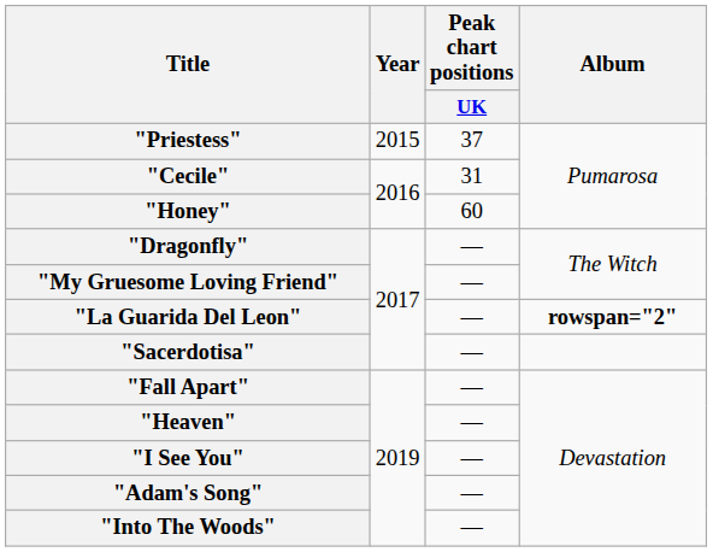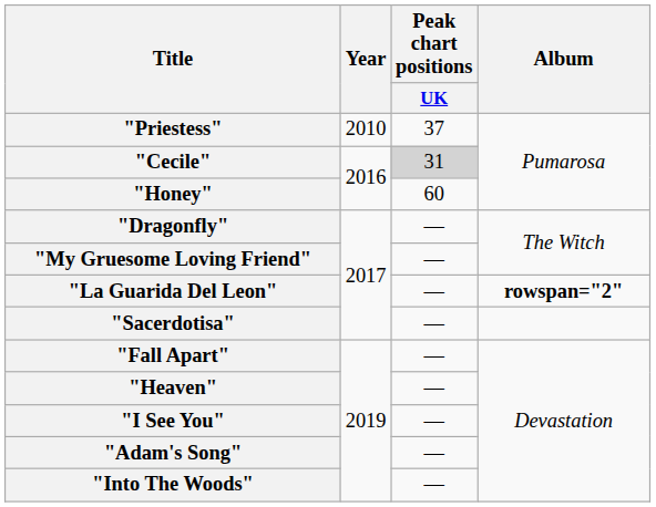 <table class="wikitable plainrowheaders" style="text-align:center;">
 <tr>
 <th scope="col" rowspan="2" style="width:16em;">Title</th>
 <th scope="col" rowspan="2">Year</th>
 <th scope="col" colspan="1">Peak chart positions</th>
 <th scope="col" rowspan="2" style="width:8em;">Album</th>
 </tr>
 <tr>
 <th scope="col" style="width:3em;font-size:90%;"><a href='#'>UK</a><br></th>
 </tr>
 <tr>
 <th scope="row">"Priestess"</th>
-<td>2015</td>
+<td>2010</td>
 <td>37</td>
 <td rowspan="3"><em>Pumarosa</em></td>
 </tr>
 <tr>
 <th scope="row">"Cecile"</th>
 <td rowspan="2">2016</td>
-<td>31</td>
+<td style="background: lightgrey;">31</td>
 </tr>
 <tr>
 <th scope="row">"Honey" </th>
 <td>60</td>
 </tr>
 <tr>
 <th scope="row">"Dragonfly" </th>
 <td rowspan="4">2017</td>
 <td>—</td>
 <td rowspan="2"><em>The Witch</em></td>
 </tr>
 <tr>
 <th scope="row">"My Gruesome Loving Friend" </th>
 <td>—</td>
 </tr>
 <tr>
 <th scope="row">"La Guarida Del Leon" </th>
 <td>—</td>
 <td><strong>rowspan="2" </strong></td>
 </tr>
 <tr>
 <th scope="row">"Sacerdotisa" </th>
 <td>—</td>
 </tr>
 <tr>
 <th scope="row">"Fall Apart" </th>
 <td rowspan="5">2019</td>
 <td>—</td>
 <td rowspan="5"><em>Devastation</em></td>
 </tr>
 <tr>
 <th scope="row">"Heaven" </th>
 <td>—</td>
 </tr>
 <tr>
 <th scope="row">"I See You" </th>
 <td>—</td>
 </tr>
 <tr>
 <th scope="row">"Adam's Song" </th>
 <td>—</td>
 </tr>
 <tr>
 <th scope="row">"Into The Woods" </th>
 <td>—</td>
 </tr>
 </table>
